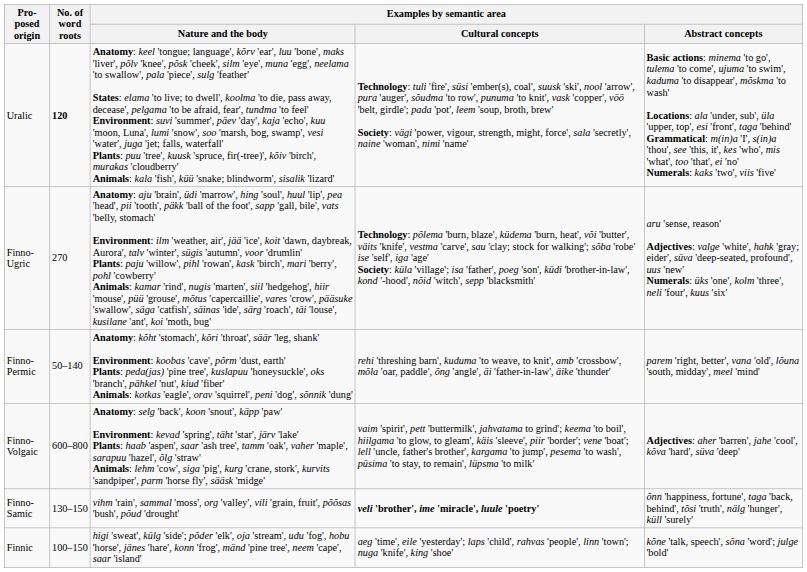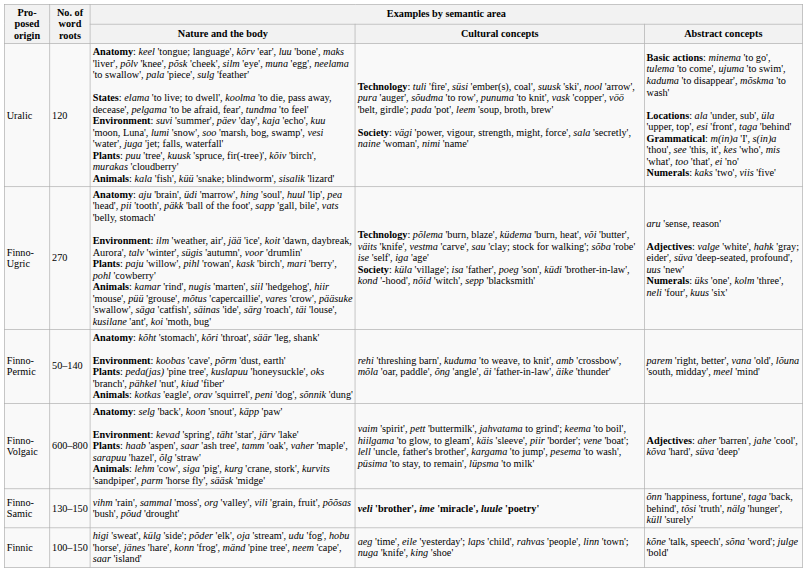 <table class="wikitable">
 <tr>
 <th rowspan="2">Pro­posed origin</th>
 <th rowspan="2">No. of word roots</th>
 <th colspan="4">Examples by semantic area</th>
 </tr>
 <tr>
 <th>Nature and the body</th>
 <th>Cultural concepts</th>
 <th>Abstract concepts</th>
 </tr>
 <tr>
 <td>Uralic</td>
-<td><strong>120</strong></td>
+<td>120</td>
 <td><strong>Anatomy</strong>: <em>keel</em> 'tongue; language', <em>kõrv</em> 'ear', <em>luu</em> 'bone', <em>maks</em> 'liver', <em>põlv</em> 'knee', <em>põsk</em> 'cheek', <em>silm</em> 'eye', <em>muna</em> 'egg', <em>neelama</em> 'to swallow', <em>pala</em> 'piece', <em>sulg</em> 'feather'<br><br><strong>States</strong>: <em>elama</em> 'to live; to dwell', <em>koolma</em> 'to die, pass away, decease', <em>pelgama</em> 'to be afraid, fear', <em>tundma</em> 'to feel'<br> <strong>Environment</strong>: <em>suvi</em> 'summer', <em>päev</em> 'day', <em>kaja</em> 'echo', <em>kuu</em> 'moon, Luna', <em>lumi</em> 'snow', <em>soo</em> 'marsh, bog, swamp', <em>vesi</em> 'water', <em>juga</em> 'jet; falls, waterfall'<br> <strong>Plants</strong>: <em>puu</em> 'tree', <em>kuusk</em> 'spruce, fir(-tree)', <em>kõiv</em> 'birch', <em>murakas</em> 'cloudberry'<br> <strong>Animals</strong>: <em>kala</em> 'fish', <em>küü</em> 'snake; blindworm', <em>sisalik</em> 'lizard'</td>
 <td><strong>Technology</strong>: <em>tuli</em> 'fire', <em>süsi</em> 'ember(s), coal', <em>suusk</em> 'ski', <em>nool</em> 'arrow', <em>pura</em> 'auger', <em>sõudma</em> 'to row', <em>punuma</em> 'to knit', <em>vask</em> 'copper', <em>vöö</em> 'belt, girdle'; <em>pada</em> 'pot', <em>leem</em> 'soup, broth, brew'<br><br><strong>Society</strong>: <em>vägi</em> 'power, vigour, strength, might, force', <em>sala</em> 'secretly', <em>naine</em> 'woman', <em>nimi</em> 'name'<br></td>
 <td><strong>Basic actions</strong>: <em>minema</em> 'to go', <em>tulema</em> 'to come', <em>ujuma</em> 'to swim', <em>kaduma</em> 'to disappear', <em>mõskma</em> 'to wash'<br><br><strong>Locations</strong>: <em>ala</em> 'under, sub', <em>üla</em> 'upper, top', <em>esi</em> 'front', <em>taga</em> 'behind'<br> <strong>Grammatical</strong>: <em>m(in)a</em> 'I', <em>s(in)a</em> 'thou', <em>see</em> 'this, it', <em>kes</em> 'who', <em>mis</em> 'what', <em>too</em> 'that', <em>ei</em> 'no'<br> <strong>Numerals</strong>: <em>kaks</em> 'two', <em>viis</em> 'five'</td>
 </tr>
 <tr>
 <td>Finno-Ugric</td>
 <td>270</td>
 <td><strong>Anatomy</strong>: <em>aju</em> 'brain', <em>üdi</em> 'marrow', <em>hing</em> 'soul', <em>huul</em> 'lip', <em>pea</em> 'head', <em>pii</em> 'tooth', <em>päkk</em> 'ball of the foot', <em>sapp</em> 'gall, bile', <em>vats</em> 'belly, stomach'<br><br><strong>Environment</strong>: <em>ilm</em> 'weather, air', <em>jää</em> 'ice', <em>koit</em> 'dawn, daybreak, Aurora', <em>talv</em> 'winter', <em>sügis</em> 'autumn', <em>voor</em> 'drumlin'<br> <strong>Plants</strong>: <em>paju</em> 'willow', <em>pihl</em> 'rowan', <em>kask</em> 'birch', <em>mari</em> 'berry', <em>pohl</em> 'cowberry'<br> <strong>Animals</strong>: <em>kamar</em> 'rind', <em>nugis</em> 'marten', <em>siil</em> 'hedgehog', <em>hiir</em> 'mouse', <em>püü</em> 'grouse', <em>mõtus</em> 'capercaillie', <em>vares</em> 'crow', <em>pääsuke</em> 'swallow', <em>säga</em> 'catfish', <em>säinas</em> 'ide', <em>särg</em> 'roach', <em>täi</em> 'louse', <em>kusilane</em> 'ant', <em>koi</em> 'moth, bug'</td>
 <td><strong>Technology</strong>: <em>põlema</em> 'burn, blaze', <em>küdema</em> 'burn, heat', <em>või</em> 'butter', <em>väits</em> 'knife', <em>vestma</em> 'carve', <em>sau</em> 'clay; stock for walking'; <em>sõba</em> 'robe'<br><em>ise</em> 'self', <em>iga</em> 'age'<br> <strong>Society</strong>: <em>küla</em> 'village'; <em>isa</em> 'father', <em>poeg</em> 'son', <em>küdi</em> 'brother-in-law', <em>kond</em> '-hood', <em>nõid</em> 'witch', <em>sepp</em> 'blacksmith'<br></td>
 <td><em>aru</em> 'sense, reason'<br><br><strong>Adjectives</strong>: <em>valge</em> 'white', <em>hahk</em> 'gray; eider', <em>süva</em> 'deep-seated, profound', <em>uus</em> 'new'<br> <strong>Numerals</strong>: <em>üks</em> 'one', <em>kolm</em> 'three', <em>neli</em> 'four', <em>kuus</em> 'six'</td>
 </tr>
 <tr>
 <td>Finno-Permic</td>
 <td>50–140</td>
 <td><strong>Anatomy</strong>: <em>kõht</em> 'stomach', <em>kõri</em> 'throat', <em>säär</em> 'leg, shank'<br><br><strong>Environment</strong>: <em>koobas</em> 'cave', <em>põrm</em> 'dust, earth'<br> <strong>Plants</strong>: <em>peda(jas)</em> 'pine tree', <em>kuslapuu</em> 'honeysuckle', <em>oks</em> 'branch', <em>pähkel</em> 'nut', <em>kiud</em> 'fiber'<br> <strong>Animals</strong>: <em>kotkas</em> 'eagle', <em>orav</em> 'squirrel', <em>peni</em> 'dog', <em>sõnnik</em> 'dung'</td>
 <td><em>rehi</em> 'threshing barn', <em>kuduma</em> 'to weave, to knit', <em>amb</em> 'crossbow', <em>mõla</em> 'oar, paddle', <em>õng</em> 'angle', <em>äi</em> 'father-in-law', <em>äike</em> 'thunder'</td>
 <td><em>parem</em> 'right, better', <em>vana</em> 'old', <em>lõuna</em> 'south, midday', <em>meel</em> 'mind'</td>
 </tr>
 <tr>
 <td>Finno-Volgaic</td>
 <td>600–800</td>
 <td><strong>Anatomy</strong>: <em>selg</em> 'back', <em>koon</em> 'snout', <em>käpp</em> 'paw'<br><br><strong>Environment</strong>: <em>kevad</em> 'spring', <em>täht</em> 'star', <em>järv</em> 'lake'<br> <strong>Plants</strong>: <em>haab</em> 'aspen', <em>saar</em> 'ash tree', <em>tamm</em> 'oak', <em>vaher</em> 'maple', <em>sarapuu</em> 'hazel', <em>õlg</em> 'straw'<br> <strong>Animals</strong>: <em>lehm</em> 'cow', <em>siga</em> 'pig', <em>kurg</em> 'crane, stork', <em>kurvits</em> 'sandpiper', <em>parm</em> 'horse fly', <em>sääsk</em> 'midge'<br></td>
 <td><em>vaim</em> 'spirit', <em>pett</em> 'buttermilk', <em>jahvatama</em> to grind'; <em>keema</em> 'to boil', <em>hiilgama</em> 'to glow, to gleam', <em>käis</em> 'sleeve', <em>piir</em> 'border'; <em>vene</em> 'boat'; <em>lell</em> 'uncle, father's brother', <em>kargama</em> 'to jump', <em>pesema</em> 'to wash', <em>püsima</em> 'to stay, to remain', <em>lüpsma</em> 'to milk'</td>
 <td><strong>Adjectives</strong>: <em>aher</em> 'barren', <em>jahe</em> 'cool', <em>kõva</em> 'hard', <em>süva</em> 'deep'</td>
 </tr>
 <tr>
 <td>Finno-Samic</td>
 <td>130–150</td>
 <td><em>vihm</em> 'rain', <em>sammal</em> 'moss', <em>org</em> 'valley', <em>vili</em> 'grain, fruit', <em>põõsas</em> 'bush', <em>põud</em> 'drought'</td>
 <td><strong><em>veli</em> 'brother', <em>ime</em> 'miracle', <em>luule</em> 'poetry'</strong></td>
 <td><em>õnn</em> 'happiness, fortune', <em>taga</em> 'back, behind', <em>tõsi</em> 'truth', <em>nälg</em> 'hunger', <em>küll</em> 'surely'</td>
 </tr>
 <tr>
 <td>Finnic</td>
 <td>100–150</td>
 <td><em>higi</em> 'sweat', <em>külg</em> 'side'; <em>põder</em> 'elk', <em>oja</em> 'stream', <em>udu</em> 'fog', <em>hobu</em> 'horse', <em>jänes</em> 'hare', <em>konn</em> 'frog', <em>mänd</em> 'pine tree', <em>neem</em> 'cape', <em>saar</em> 'island'</td>
 <td><em>aeg</em> 'time', <em>eile</em> 'yesterday'; <em>laps</em> 'child', <em>rahvas</em> 'people', <em>linn</em> 'town'; <em>nuga</em> 'knife', <em>king</em> 'shoe'</td>
 <td><em>kõne</em> 'talk, speech', <em>sõna</em> 'word'; <em>julge</em> 'bold'</td>
 </tr>
 </table>
